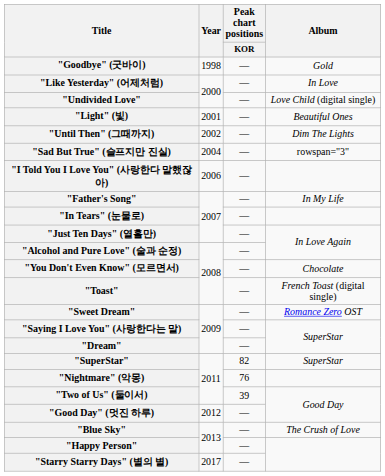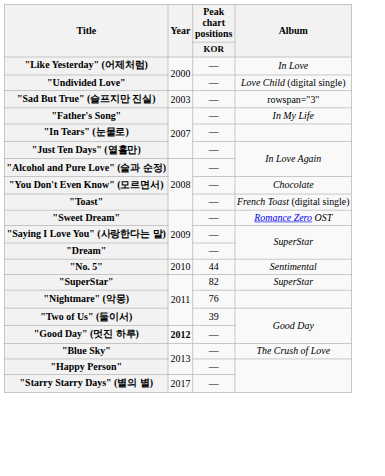 <table class="wikitable plainrowheaders" style="text-align:center;">
 <tr>
 <th rowspan="2" scope="col">Title</th>
 <th rowspan="2" scope="col">Year</th>
 <th>Peak chart positions</th>
 <th rowspan="2" scope="col">Album</th>
 </tr>
 <tr>
 <th scope="col" style="width:2.5em;font-size:90%;">KOR<br></th>
-</tr>
-<tr>
-<th scope="row">"Goodbye" (굿바이)</th>
-<td>1998</td>
-<td>—</td>
-<td><em>Gold</em></td>
 </tr>
 <tr>
 <th scope="row">"Like Yesterday" (어제처럼)</th>
 <td rowspan="2">2000</td>
 <td>—</td>
 <td><em>In Love</em></td>
 </tr>
 <tr>
 <th scope="row">"Undivided Love"</th>
 <td>—</td>
 <td><em>Love Child</em> (digital single)</td>
 </tr>
 <tr>
-<th scope="row">"Light" (빛)</th>
-<td>2001</td>
-<td>—</td>
-<td><em>Beautiful Ones</em></td>
-</tr>
-<tr>
-<th scope="row">"Until Then" (그때까지)</th>
-<td>2002</td>
-<td>—</td>
-<td><em>Dim The Lights</em></td>
-</tr>
-<tr>
 <th scope="row">"Sad But True" (슬프지만 진실)</th>
-<td>2004</td>
+<td>2003</td>
 <td>—</td>
 <td>rowspan="3" </td>
-</tr>
-<tr>
-<th scope="row">"I Told You I Love You" (사랑한다 말했잖아)</th>
-<td>2006</td>
-<td>—</td>
-<td></td>
 </tr>
 <tr>
 <th scope="row">"Father's Song"</th>
 <td rowspan="3">2007</td>
 <td>—</td>
 <td><em>In My Life</em></td>
 </tr>
 <tr>
 <th scope="row">"In Tears" (눈물로) </th>
 <td>—</td>
 <td></td>
 </tr>
 <tr>
 <th scope="row">"Just Ten Days" (열흘만)</th>
 <td>—</td>
 <td rowspan="2"><em>In Love Again</em></td>
 </tr>
 <tr>
 <th scope="row">"Alcohol and Pure Love" (술과 순정) </th>
 <td rowspan="3">2008</td>
 <td>—</td>
 </tr>
 <tr>
 <th scope="row">"You Don't Even Know" (모르면서)</th>
 <td>—</td>
 <td><em>Chocolate</em></td>
 </tr>
 <tr>
 <th scope="row">"Toast" </th>
 <td>—</td>
 <td><em>French Toast</em> (digital single)</td>
 </tr>
 <tr>
 <th scope="row">"Sweet Dream"</th>
 <td rowspan="3">2009</td>
 <td>—</td>
 <td><em><a href='#'>Romance Zero</a> OST</em></td>
 </tr>
 <tr>
 <th scope="row">"Saying I Love You" (사랑한다는 말) </th>
 <td>—</td>
 <td rowspan="2"><em>SuperStar</em></td>
 </tr>
 <tr>
 <th scope="row">"Dream" </th>
 <td>—</td>
 </tr>
 <tr>
+<th scope="row">"No. 5" </th>
+<td>2010</td>
+<td>44</td>
+<td><em>Sentimental</em></td>
+</tr>
+<tr>
 <th scope="row">"SuperStar" </th>
 <td rowspan="3">2011</td>
 <td>82</td>
 <td><em>SuperStar</em></td>
 </tr>
 <tr>
 <th scope="row">"Nightmare" (악몽)</th>
 <td>76</td>
 <td></td>
 </tr>
 <tr>
 <th scope="row">"Two of Us" (둘이서) </th>
 <td>39</td>
 <td rowspan="2"><em>Good Day</em></td>
 </tr>
 <tr>
 <th scope="row">"Good Day" (멋진 하루)</th>
-<td>2012</td>
+<td><strong>2012</strong></td>
 <td>—</td>
 </tr>
 <tr>
 <th scope="row">"Blue Sky" </th>
 <td rowspan="2">2013</td>
 <td>—</td>
 <td><em>The Crush of Love</em></td>
 </tr>
 <tr>
 <th scope="row">"Happy Person"</th>
 <td>—</td>
 </tr>
 <tr>
 <th scope="row">"Starry Starry Days" (별의 별) </th>
 <td>2017</td>
 <td>—</td>
 </tr>
 </table>
